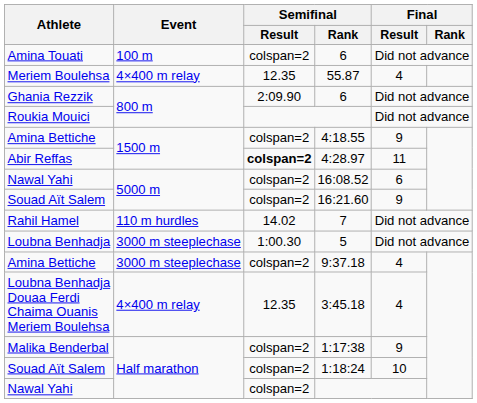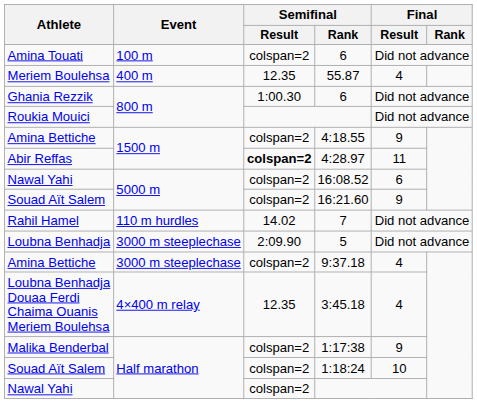 <table class="wikitable" style="font-size:90%">
 <tr>
 <th rowspan="2">Athlete</th>
 <th rowspan="2">Event</th>
 <th colspan="2">Semifinal</th>
 <th colspan="2">Final</th>
 </tr>
 <tr style="font-size:95%">
 <th>Result</th>
 <th>Rank</th>
 <th>Result</th>
 <th>Rank</th>
 </tr>
 <tr align=center>
 <td align=left><a href='#'>Amina Touati</a></td>
 <td align=left><a href='#'>100 m</a></td>
 <td>colspan=2 </td>
 <td>6</td>
 <td colspan="2">Did not advance</td>
 </tr>
 <tr align=center>
 <td align=left><a href='#'>Meriem Boulehsa</a></td>
-<td align=left><a href='#'>4×400 m relay</a></td>
+<td align=left><a href='#'>400 m</a></td>
 <td>12.35</td>
 <td>55.87 </td>
 <td>4</td>
 </tr>
 <tr align=center>
 <td align=left><a href='#'>Ghania Rezzik</a></td>
 <td align=left rowspan=2><a href='#'>800 m</a></td>
-<td>2:09.90</td>
+<td>1:00.30</td>
 <td>6</td>
 <td colspan="2">Did not advance</td>
 </tr>
 <tr align=center>
 <td align=left><a href='#'>Roukia Mouici</a></td>
 <td colspan=2></td>
 <td colspan="2">Did not advance</td>
 </tr>
 <tr align=center>
 <td align=left><a href='#'>Amina Bettiche</a></td>
 <td align=left rowspan=2><a href='#'>1500 m</a></td>
 <td>colspan=2 </td>
 <td>4:18.55 </td>
 <td>9</td>
 </tr>
 <tr align=center>
 <td align=left><a href='#'>Abir Reffas</a></td>
 <td><strong>colspan=2 </strong></td>
 <td>4:28.97 </td>
 <td>11</td>
 </tr>
 <tr align=center>
 <td align=left><a href='#'>Nawal Yahi</a></td>
 <td align=left rowspan=2><a href='#'>5000 m</a></td>
 <td>colspan=2 </td>
 <td>16:08.52</td>
 <td>6</td>
 </tr>
 <tr align=center>
 <td align=left><a href='#'>Souad Aït Salem</a></td>
 <td>colspan=2 </td>
 <td>16:21.60</td>
 <td>9</td>
 </tr>
 <tr align=center>
 <td align=left><a href='#'>Rahil Hamel</a></td>
 <td align=left><a href='#'>110 m hurdles</a></td>
 <td>14.02</td>
 <td>7</td>
 <td colspan="2">Did not advance</td>
 </tr>
 <tr align=center>
 <td align=left><a href='#'>Loubna Benhadja</a></td>
 <td align=left><a href='#'>3000 m steeplechase</a></td>
-<td>1:00.30</td>
+<td>2:09.90</td>
 <td>5</td>
 <td colspan="2">Did not advance</td>
 </tr>
 <tr align=center>
 <td align=left><a href='#'>Amina Bettiche</a></td>
 <td align=left><a href='#'>3000 m steeplechase</a></td>
 <td>colspan=2 </td>
 <td>9:37.18 </td>
 <td>4</td>
 </tr>
 <tr align=center>
 <td align=left><a href='#'>Loubna Benhadja</a><br><a href='#'>Douaa Ferdi</a><br><a href='#'>Chaima Ouanis</a><br><a href='#'>Meriem Boulehsa</a></td>
 <td align=left><a href='#'>4×400 m relay</a></td>
 <td>12.35</td>
 <td>3:45.18</td>
 <td>4</td>
 </tr>
 <tr align=center>
 <td align=left><a href='#'>Malika Benderbal</a></td>
 <td align=left rowspan=3><a href='#'>Half marathon</a></td>
 <td>colspan=2 </td>
 <td>1:17:38</td>
 <td>9</td>
 </tr>
 <tr align=center>
 <td align=left><a href='#'>Souad Aït Salem</a></td>
 <td>colspan=2 </td>
 <td>1:18:24</td>
 <td>10</td>
 </tr>
 <tr align=center>
 <td align=left><a href='#'>Nawal Yahi</a></td>
 <td>colspan=2 </td>
 <td colspan=2></td>
 </tr>
 </table>
